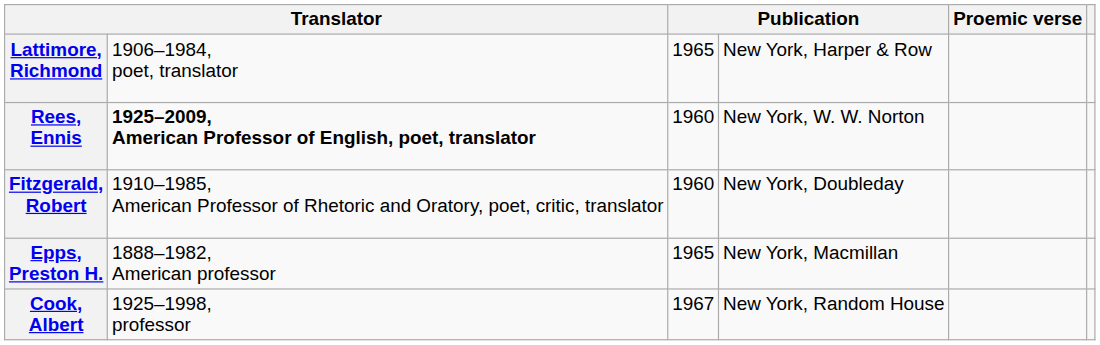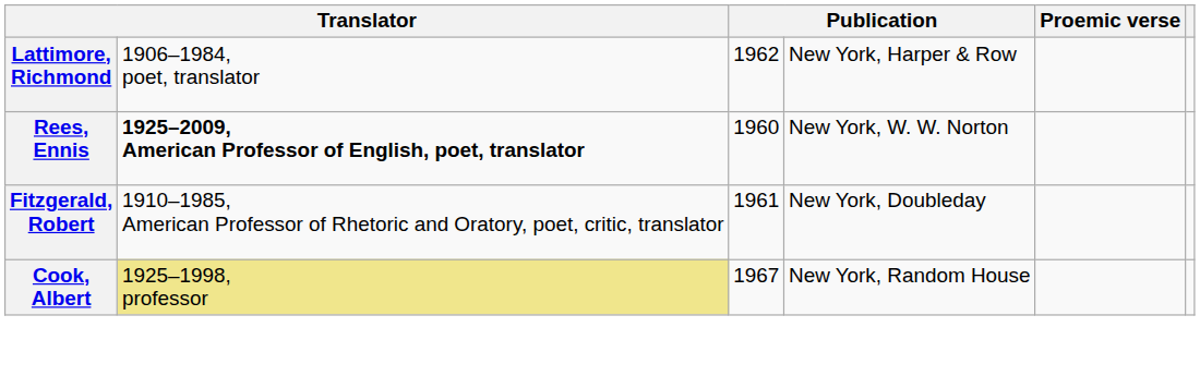 <table class="wikitable" ">
 <tr>
 <th scope="col" colspan="2">Translator</th>
 <th scope="col" colspan="2">Publication</th>
 <th scope="col">Proemic verse</th>
 <th scope="col"></th>
 </tr>
 <tr valign="top">
 <th><a href='#'>Lattimore,<br>Richmond</a></th>
 <td>1906–1984,<br>poet, translator</td>
-<td>1965</td>
+<td>1962</td>
 <td>New York, Harper & Row</td>
 <td><blockquote></blockquote><br><blockquote></blockquote></td>
 <td></td>
 </tr>
 <tr valign="top">
 <th><a href='#'>Rees,<br>Ennis</a></th>
 <td><strong>1925–2009,<br>American Professor of English, poet, translator</strong></td>
 <td>1960</td>
 <td>New York, W. W. Norton</td>
 <td><blockquote></blockquote><br><blockquote></blockquote></td>
 <td><br></td>
 </tr>
 <tr valign="top">
 <th><a href='#'>Fitzgerald,<br>Robert</a></th>
 <td>1910–1985,<br>American Professor of Rhetoric and Oratory,  poet, critic, translator</td>
-<td>1960</td>
+<td>1961</td>
 <td>New York, Doubleday</td>
 <td><blockquote></blockquote><br><blockquote></blockquote></td>
 <td></td>
 </tr>
 <tr valign="top">
-<th><a href='#'>Epps,<br>Preston H.</a></th>
-<td>1888–1982,<br>American professor</td>
-<td>1965</td>
-<td>New York, Macmillan</td>
-<td></td>
-<td></td>
-</tr>
-<tr valign="top">
 <th><a href='#'>Cook,<br>Albert</a></th>
-<td>1925–1998,<br>professor</td>
+<td style="background: khaki;">1925–1998,<br>professor</td>
 <td>1967</td>
 <td>New York, Random House</td>
 <td style=white-space:nowrap><br><blockquote></blockquote> <blockquote></blockquote></td>
 <td></td>
 </tr>
 </table>
